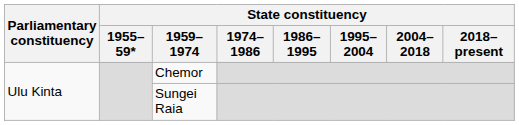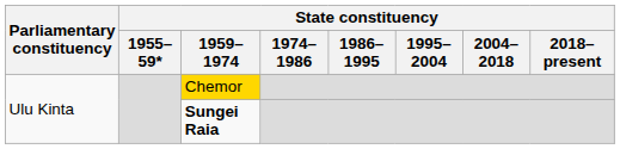 <table class="wikitable">
 <tr>
 <th rowspan="2">Parliamentary<br>constituency</th>
 <th colspan="7">State constituency</th>
 </tr>
 <tr>
 <th>1955–59*</th>
 <th>1959–1974</th>
 <th>1974–1986</th>
 <th>1986–1995</th>
 <th>1995–2004</th>
 <th>2004–2018</th>
 <th>2018–present</th>
 </tr>
 <tr>
 <td rowspan="2">Ulu Kinta</td>
 <td rowspan="2" bgcolor="dcdcdc"></td>
-<td>Chemor</td>
+<td style="background: gold;">Chemor</td>
 <td colspan="5" bgcolor="dcdcdc"></td>
 </tr>
 <tr>
-<td>Sungei Raia</td>
+<td><strong>Sungei Raia</strong></td>
 <td colspan="5" bgcolor="dcdcdc"></td>
 </tr>
 </table>
